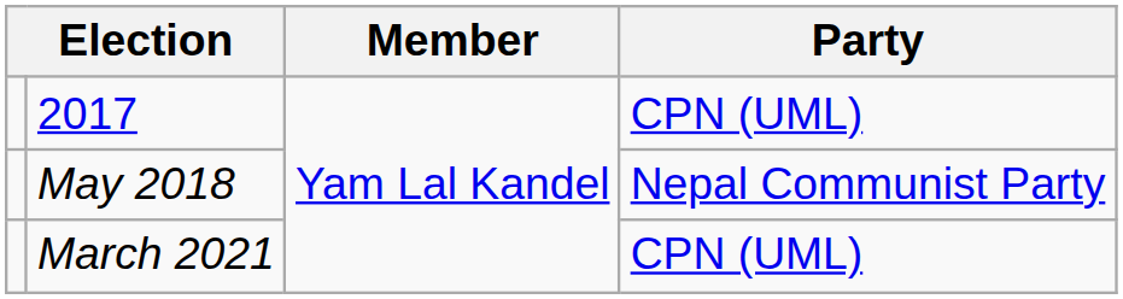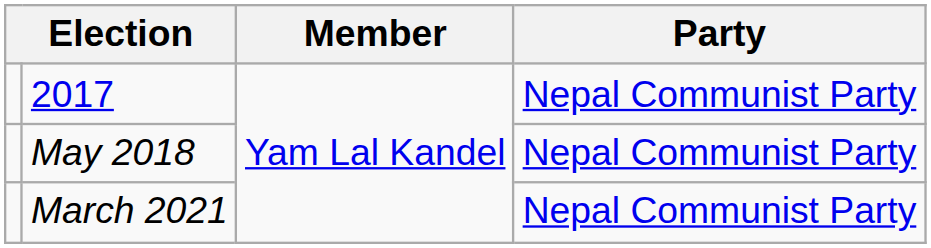 <table class="wikitable">
 <tr>
 <th colspan="2">Election</th>
 <th>Member</th>
 <th>Party</th>
 </tr>
 <tr>
 <td style="color:inherit;background:"></td>
 <td><a href='#'>2017</a></td>
 <td rowspan="3"><a href='#'>Yam Lal Kandel</a></td>
-<td><a href='#'>CPN (UML)</a></td>
+<td><a href='#'>Nepal Communist Party</a></td>
 </tr>
 <tr>
 <td style="color:inherit;background:"></td>
 <td><em>May 2018</em></td>
 <td><a href='#'>Nepal Communist Party</a></td>
 </tr>
 <tr>
 <td style="color:inherit;background:"></td>
 <td><em>March 2021</em></td>
-<td><a href='#'>CPN (UML)</a></td>
+<td><a href='#'>Nepal Communist Party</a></td>
 </tr>
 </table>
